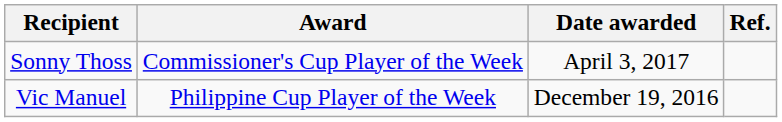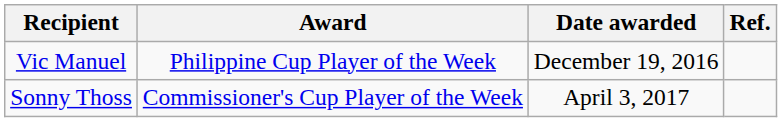 <table class="wikitable sortable sortable" style="text-align: center">
 <tr>
 <th>Recipient</th>
 <th>Award</th>
 <th>Date awarded</th>
 <th>Ref.</th>
 </tr>
 <tr>
+<td><a href='#'>Vic Manuel</a></td>
+<td><a href='#'>Philippine Cup Player of the Week</a></td>
+<td>December 19, 2016</td>
+<td align=center></td>
+</tr>
+<tr>
 <td><a href='#'>Sonny Thoss</a></td>
 <td><a href='#'>Commissioner's Cup Player of the Week</a></td>
 <td>April 3, 2017</td>
 <td align=center></td>
 </tr>
-<tr>
-<td><a href='#'>Vic Manuel</a></td>
-<td><a href='#'>Philippine Cup Player of the Week</a></td>
-<td>December 19, 2016</td>
-<td align=center></td>
-</tr>
 </table>
